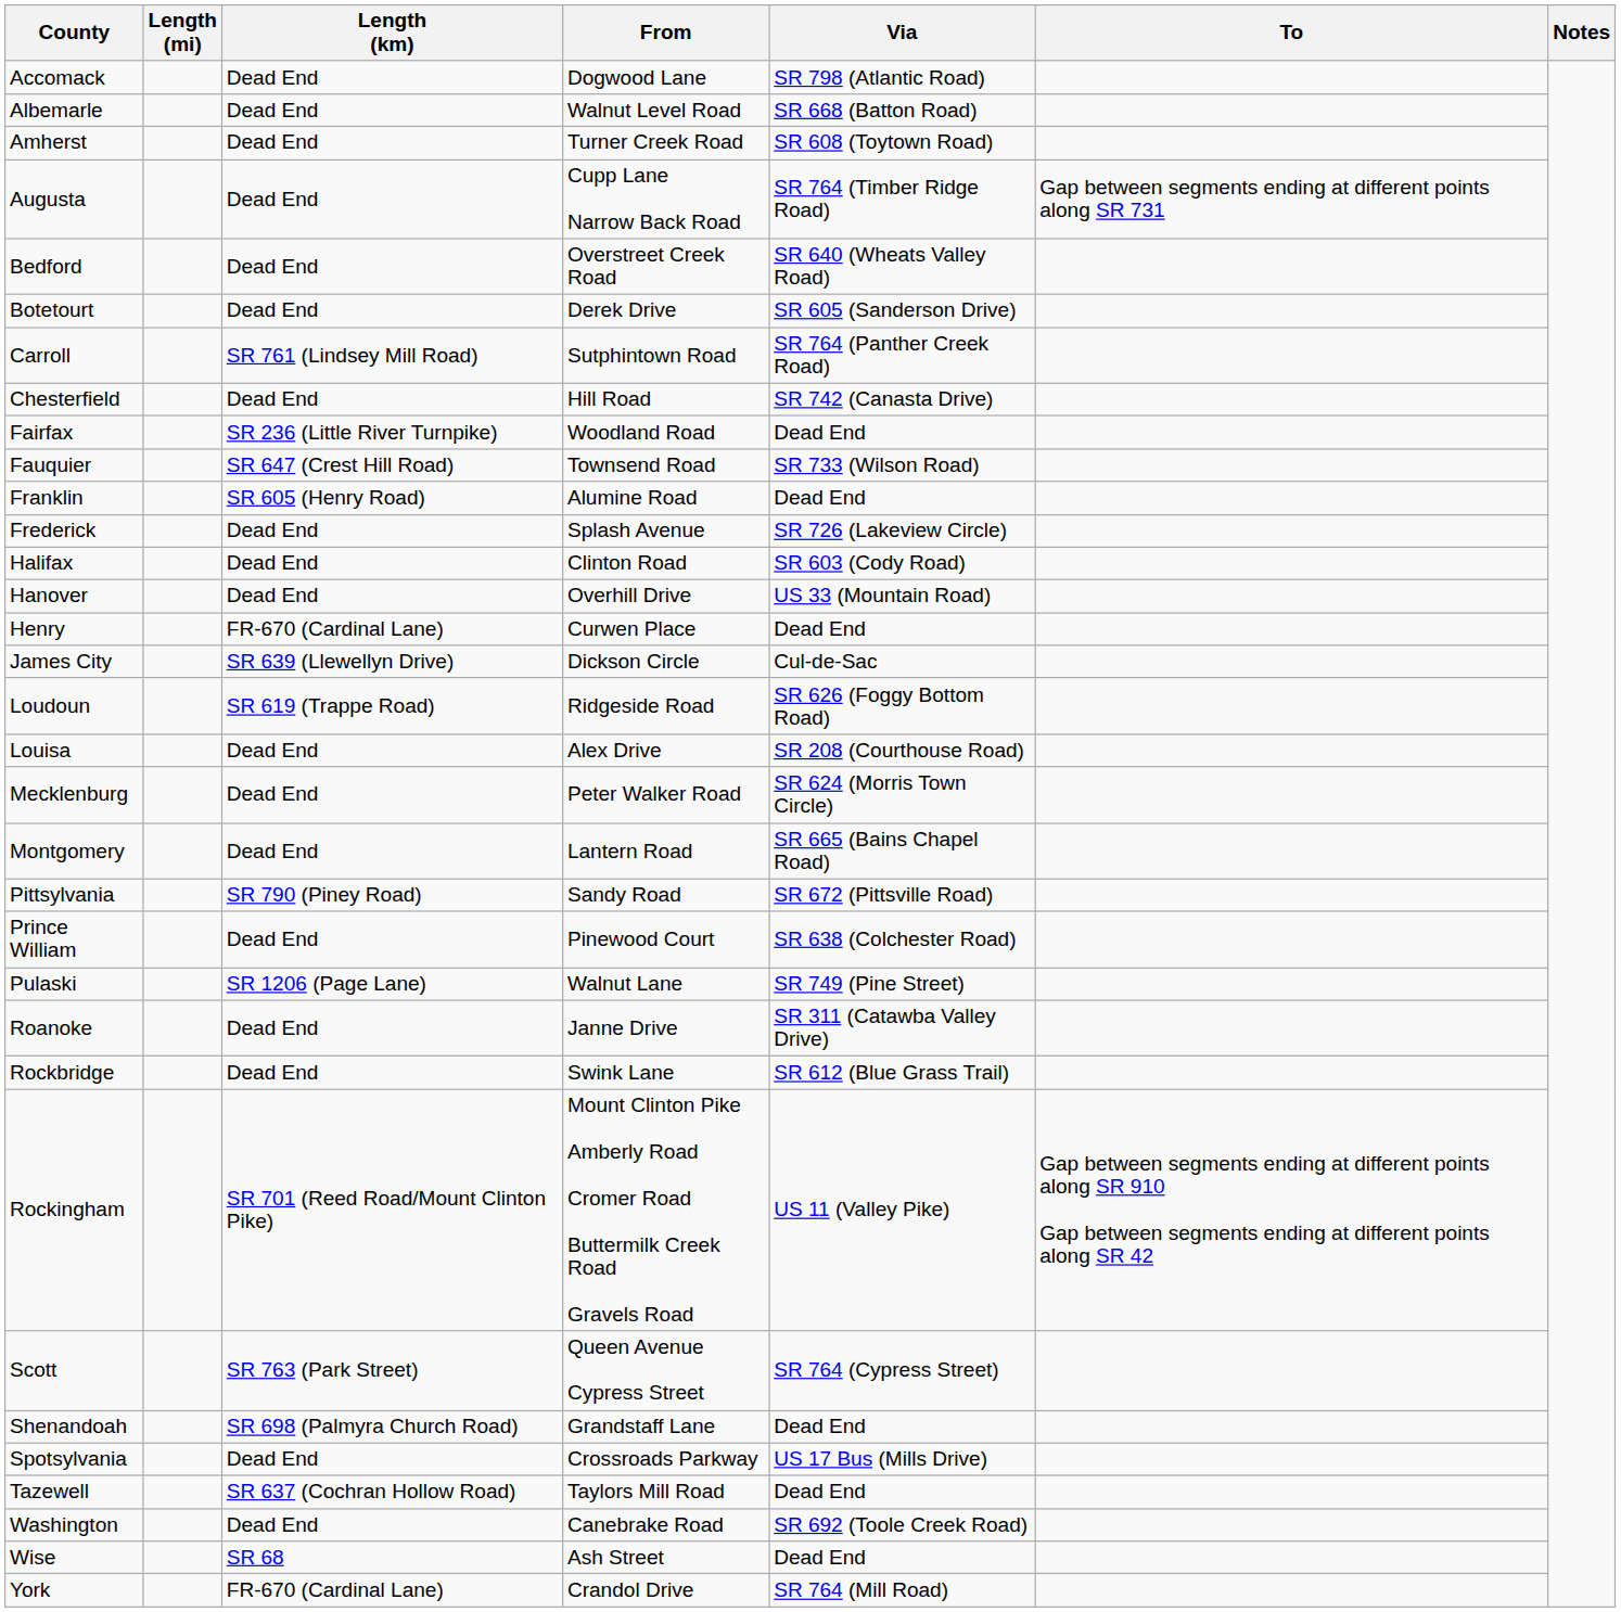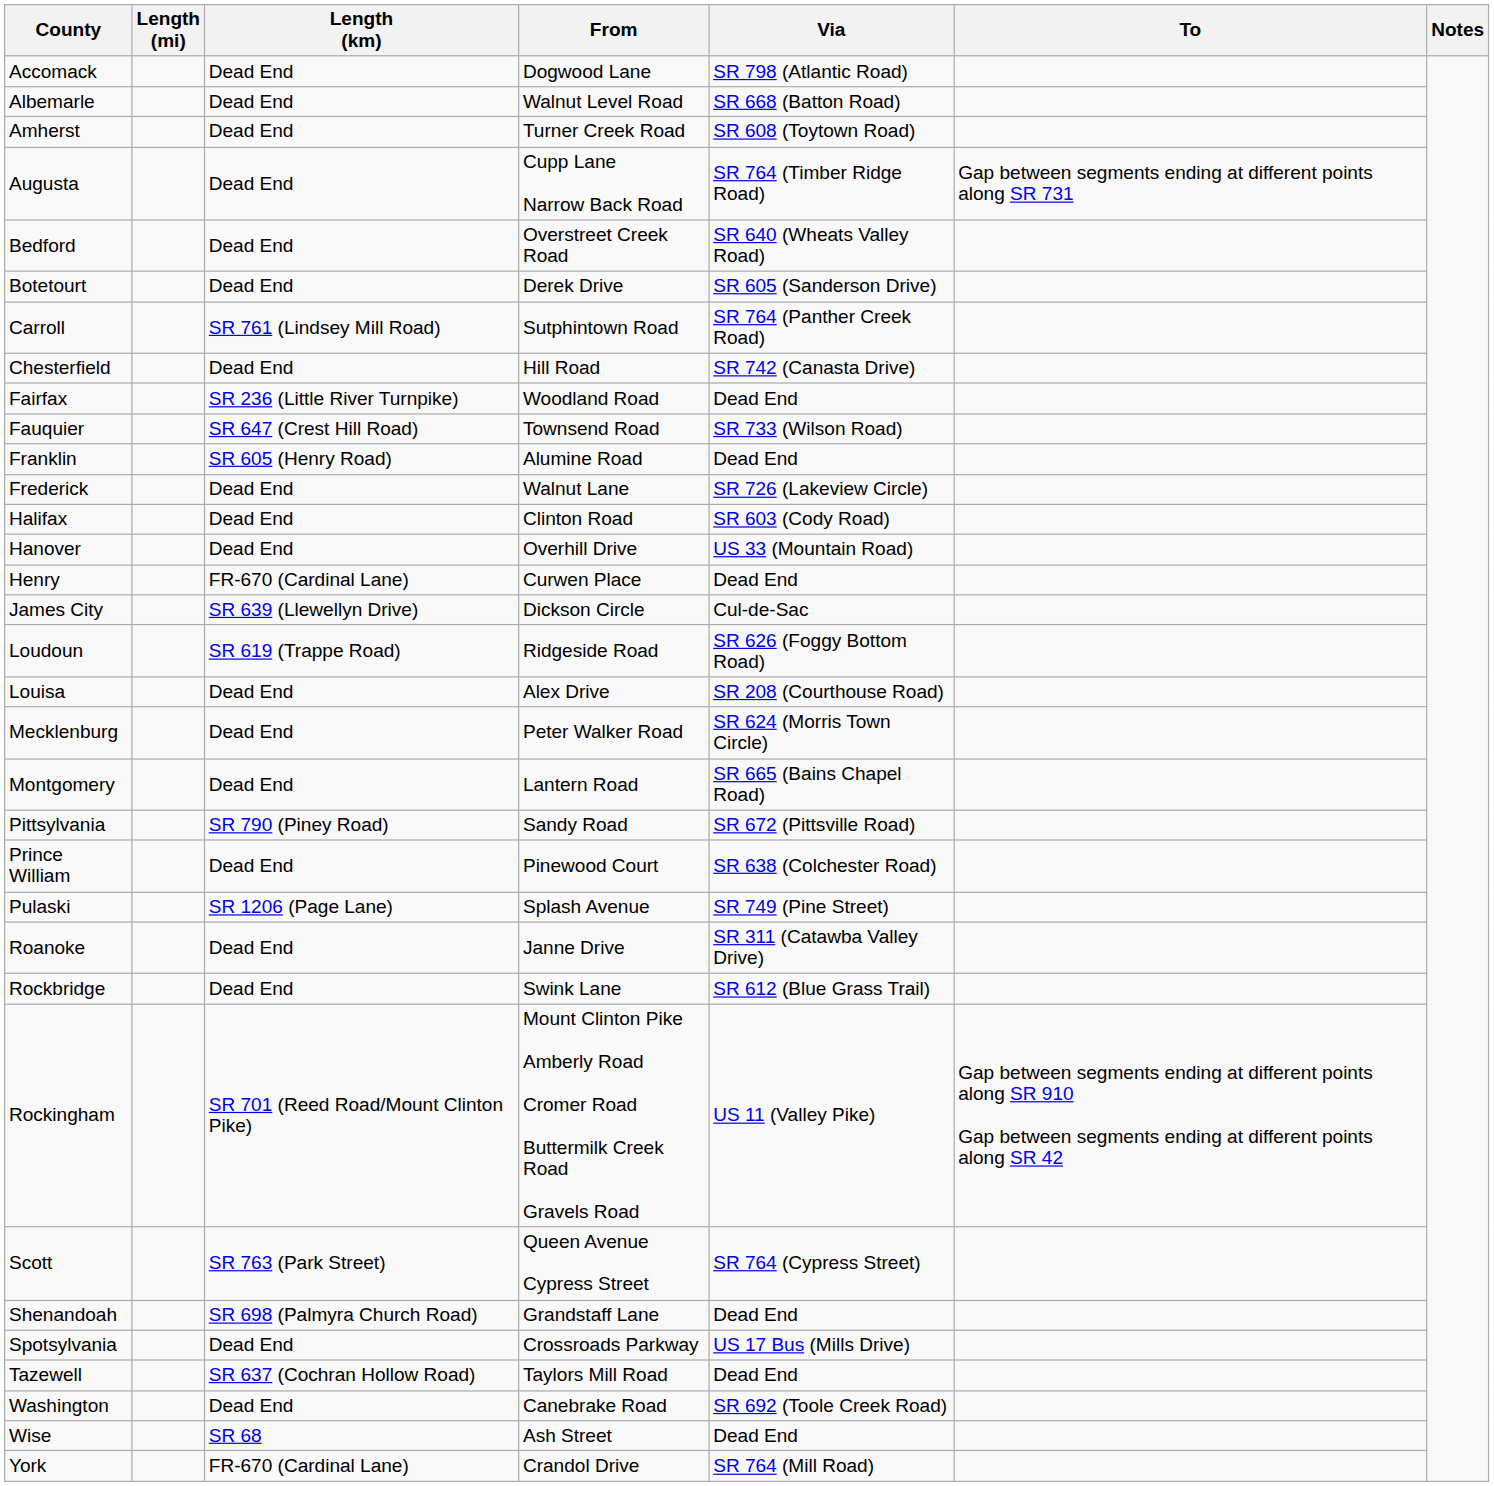 <table class="wikitable sortable">
 <tr>
 <th>County</th>
 <th>Length<br>(mi)</th>
 <th>Length<br>(km)</th>
 <th class="unsortable">From</th>
 <th class="unsortable">Via</th>
 <th class="unsortable">To</th>
 <th class="unsortable">Notes</th>
 </tr>
 <tr>
 <td id="Accomack">Accomack</td>
 <td></td>
 <td>Dead End</td>
 <td>Dogwood Lane</td>
 <td><a href='#'>SR 798</a> (Atlantic Road)</td>
 <td></td>
 </tr>
 <tr>
 <td id="Albemarle">Albemarle</td>
 <td></td>
 <td>Dead End</td>
 <td>Walnut Level Road</td>
 <td><a href='#'>SR 668</a> (Batton Road)</td>
 <td><br> </td>
 </tr>
 <tr>
 <td id="Amherst">Amherst</td>
 <td></td>
 <td>Dead End</td>
 <td>Turner Creek Road</td>
 <td><a href='#'>SR 608</a> (Toytown Road)</td>
 <td><br> </td>
 </tr>
 <tr>
 <td id="Augusta">Augusta</td>
 <td></td>
 <td>Dead End</td>
 <td>Cupp Lane<br><br>Narrow Back Road</td>
 <td><a href='#'>SR 764</a> (Timber Ridge Road)</td>
 <td>Gap between segments ending at different points along <a href='#'>SR 731</a><br></td>
 </tr>
 <tr>
 <td id="Bedford">Bedford</td>
 <td></td>
 <td>Dead End</td>
 <td>Overstreet Creek Road</td>
 <td><a href='#'>SR 640</a> (Wheats Valley Road)</td>
 <td><br></td>
 </tr>
 <tr>
 <td id="Botetourt">Botetourt</td>
 <td></td>
 <td>Dead End</td>
 <td>Derek Drive</td>
 <td><a href='#'>SR 605</a> (Sanderson Drive)</td>
 <td><br>    </td>
 </tr>
 <tr>
 <td id="Carroll">Carroll</td>
 <td></td>
 <td><a href='#'>SR 761</a> (Lindsey Mill Road)</td>
 <td>Sutphintown Road</td>
 <td><a href='#'>SR 764</a> (Panther Creek Road)</td>
 <td><br> </td>
 </tr>
 <tr>
 <td id="Chesterfield">Chesterfield</td>
 <td></td>
 <td>Dead End</td>
 <td>Hill Road</td>
 <td><a href='#'>SR 742</a> (Canasta Drive)</td>
 <td><br>      </td>
 </tr>
 <tr>
 <td id="Fairfax">Fairfax</td>
 <td></td>
 <td><a href='#'>SR 236</a> (Little River Turnpike)</td>
 <td>Woodland Road</td>
 <td>Dead End</td>
 <td></td>
 </tr>
 <tr>
 <td id="Fauquier">Fauquier</td>
 <td></td>
 <td><a href='#'>SR 647</a> (Crest Hill Road)</td>
 <td>Townsend Road</td>
 <td><a href='#'>SR 733</a> (Wilson Road)</td>
 <td><br> </td>
 </tr>
 <tr>
 <td id="Franklin">Franklin</td>
 <td></td>
 <td><a href='#'>SR 605</a> (Henry Road)</td>
 <td>Alumine Road</td>
 <td>Dead End</td>
 <td></td>
 </tr>
 <tr>
 <td id="Frederick">Frederick</td>
 <td></td>
 <td>Dead End</td>
-<td>Splash Avenue</td>
+<td>Walnut Lane</td>
 <td><a href='#'>SR 726</a> (Lakeview Circle)</td>
 <td><br>     </td>
 </tr>
 <tr>
 <td id="Halifax">Halifax</td>
 <td></td>
 <td>Dead End</td>
 <td>Clinton Road</td>
 <td><a href='#'>SR 603</a> (Cody Road)</td>
 <td></td>
 </tr>
 <tr>
 <td id="Hanover">Hanover</td>
 <td></td>
 <td>Dead End</td>
 <td>Overhill Drive</td>
 <td><a href='#'>US 33</a> (Mountain Road)</td>
 <td><br></td>
 </tr>
 <tr>
 <td id="Henry">Henry</td>
 <td></td>
 <td>FR-670 (Cardinal Lane)</td>
 <td>Curwen Place</td>
 <td>Dead End</td>
 <td><br> </td>
 </tr>
 <tr>
 <td id="James City">James City</td>
 <td></td>
 <td><a href='#'>SR 639</a> (Llewellyn Drive)</td>
 <td>Dickson Circle</td>
 <td>Cul-de-Sac</td>
 <td><br>    </td>
 </tr>
 <tr>
 <td id="Loudoun">Loudoun</td>
 <td></td>
 <td><a href='#'>SR 619</a> (Trappe Road)</td>
 <td>Ridgeside Road</td>
 <td><a href='#'>SR 626</a> (Foggy Bottom Road)</td>
 <td></td>
 </tr>
 <tr>
 <td id="Louisa">Louisa</td>
 <td></td>
 <td>Dead End</td>
 <td>Alex Drive</td>
 <td><a href='#'>SR 208</a> (Courthouse Road)</td>
 <td><br>  </td>
 </tr>
 <tr>
 <td id="Mecklenburg">Mecklenburg</td>
 <td></td>
 <td>Dead End</td>
 <td>Peter Walker Road</td>
 <td><a href='#'>SR 624</a> (Morris Town Circle)</td>
 <td><br></td>
 </tr>
 <tr>
 <td id="Montgomery">Montgomery</td>
 <td></td>
 <td>Dead End</td>
 <td>Lantern Road</td>
 <td><a href='#'>SR 665</a> (Bains Chapel Road)</td>
 <td><br>       </td>
 </tr>
 <tr>
 <td id="Pittsylvania">Pittsylvania</td>
 <td></td>
 <td><a href='#'>SR 790</a> (Piney Road)</td>
 <td>Sandy Road</td>
 <td><a href='#'>SR 672</a> (Pittsville Road)</td>
 <td><br>  </td>
 </tr>
 <tr>
 <td id="Prince William">Prince William</td>
 <td></td>
 <td>Dead End</td>
 <td>Pinewood Court</td>
 <td><a href='#'>SR 638</a> (Colchester Road)</td>
 <td></td>
 </tr>
 <tr>
 <td id="Pulaski">Pulaski</td>
 <td></td>
 <td><a href='#'>SR 1206</a> (Page Lane)</td>
-<td>Walnut Lane</td>
+<td>Splash Avenue</td>
 <td><a href='#'>SR 749</a> (Pine Street)</td>
 <td><br> </td>
 </tr>
 <tr>
 <td id="Roanoke">Roanoke</td>
 <td></td>
 <td>Dead End</td>
 <td>Janne Drive</td>
 <td><a href='#'>SR 311</a> (Catawba Valley Drive)</td>
 <td></td>
 </tr>
 <tr>
 <td id="Rockbridge">Rockbridge</td>
 <td></td>
 <td>Dead End</td>
 <td>Swink Lane</td>
 <td><a href='#'>SR 612</a> (Blue Grass Trail)</td>
 <td></td>
 </tr>
 <tr>
 <td id="Rockingham">Rockingham</td>
 <td></td>
 <td><a href='#'>SR 701</a> (Reed Road/Mount Clinton Pike)</td>
 <td>Mount Clinton Pike<br><br>Amberly Road<br><br>Cromer Road<br><br>Buttermilk Creek Road<br><br>Gravels Road</td>
 <td><a href='#'>US 11</a> (Valley Pike)</td>
 <td>Gap between segments ending at different points along <a href='#'>SR 910</a><br><br>Gap between segments ending at different points along <a href='#'>SR 42</a><br></td>
 </tr>
 <tr>
 <td id="Scott">Scott</td>
 <td></td>
 <td><a href='#'>SR 763</a> (Park Street)</td>
 <td>Queen Avenue<br><br>Cypress Street</td>
 <td><a href='#'>SR 764</a> (Cypress Street)</td>
 <td></td>
 </tr>
 <tr>
 <td id="Shenandoah">Shenandoah</td>
 <td></td>
 <td><a href='#'>SR 698</a> (Palmyra Church Road)</td>
 <td>Grandstaff Lane</td>
 <td>Dead End</td>
 <td><br> </td>
 </tr>
 <tr>
 <td id="Spotsylvania">Spotsylvania</td>
 <td></td>
 <td>Dead End</td>
 <td>Crossroads Parkway</td>
 <td><a href='#'>US 17 Bus</a> (Mills Drive)</td>
 <td><br>  </td>
 </tr>
 <tr>
 <td id="Tazewell">Tazewell</td>
 <td></td>
 <td><a href='#'>SR 637</a> (Cochran Hollow Road)</td>
 <td>Taylors Mill Road</td>
 <td>Dead End</td>
 <td><br></td>
 </tr>
 <tr>
 <td id="Washington">Washington</td>
 <td></td>
 <td>Dead End</td>
 <td>Canebrake Road</td>
 <td><a href='#'>SR 692</a> (Toole Creek Road)</td>
 <td><br></td>
 </tr>
 <tr>
 <td id="Wise">Wise</td>
 <td></td>
 <td><a href='#'>SR 68</a></td>
 <td>Ash Street</td>
 <td>Dead End</td>
 <td><br></td>
 </tr>
 <tr>
 <td id="York">York</td>
 <td></td>
 <td>FR-670 (Cardinal Lane)</td>
 <td>Crandol Drive</td>
 <td><a href='#'>SR 764</a> (Mill Road)</td>
 <td></td>
 </tr>
 </table>
